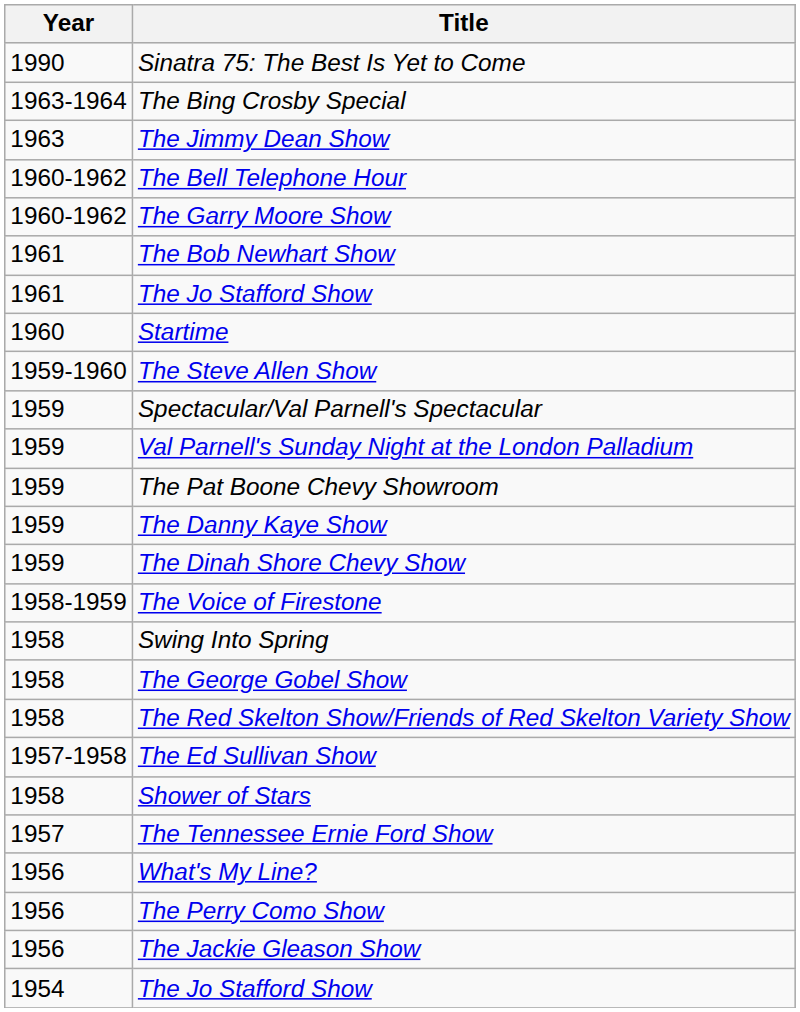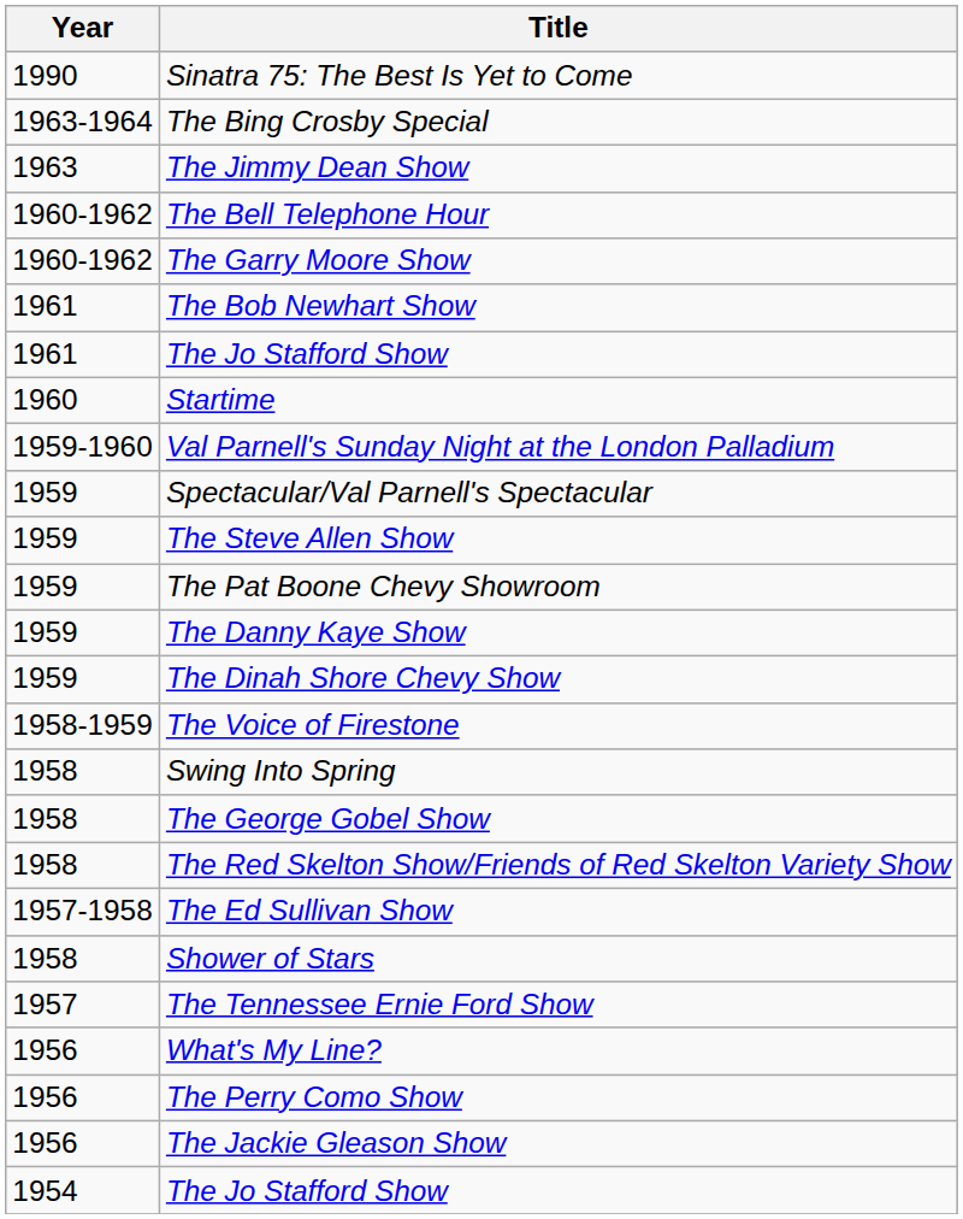 <table class="wikitable">
 <tr>
 <th>Year</th>
 <th>Title</th>
 </tr>
 <tr>
 <td>1990</td>
 <td><em>Sinatra 75: The Best Is Yet to Come</em></td>
 </tr>
 <tr>
 <td>1963-1964</td>
 <td><em>The Bing Crosby Special</em></td>
 </tr>
 <tr>
 <td>1963</td>
 <td><em><a href='#'>The Jimmy Dean Show</a></em></td>
 </tr>
 <tr>
 <td>1960-1962</td>
 <td><em><a href='#'>The Bell Telephone Hour</a></em></td>
 </tr>
 <tr>
 <td>1960-1962</td>
 <td><em><a href='#'>The Garry Moore Show</a></em></td>
 </tr>
 <tr>
 <td>1961</td>
 <td><em><a href='#'>The Bob Newhart Show</a></em></td>
 </tr>
 <tr>
 <td>1961</td>
 <td><em><a href='#'>The Jo Stafford Show</a></em></td>
 </tr>
 <tr>
 <td>1960</td>
 <td><em><a href='#'>Startime</a></em></td>
 </tr>
 <tr>
 <td>1959-1960</td>
-<td><em><a href='#'>The Steve Allen Show</a></em></td>
+<td><em><a href='#'>Val Parnell's Sunday Night at the London Palladium</a></em></td>
 </tr>
 <tr>
 <td>1959</td>
 <td><em>Spectacular/Val Parnell's Spectacular</em></td>
 </tr>
 <tr>
 <td>1959</td>
-<td><em><a href='#'>Val Parnell's Sunday Night at the London Palladium</a></em></td>
+<td><em><a href='#'>The Steve Allen Show</a></em></td>
 </tr>
 <tr>
 <td>1959</td>
 <td><em>The Pat Boone Chevy Showroom</em></td>
 </tr>
 <tr>
 <td>1959</td>
 <td><em><a href='#'>The Danny Kaye Show</a></em></td>
 </tr>
 <tr>
 <td>1959</td>
 <td><em><a href='#'>The Dinah Shore Chevy Show</a></em></td>
 </tr>
 <tr>
 <td>1958-1959</td>
 <td><em><a href='#'>The Voice of Firestone</a></em></td>
 </tr>
 <tr>
 <td>1958</td>
 <td><em>Swing Into Spring</em></td>
 </tr>
 <tr>
 <td>1958</td>
 <td><em><a href='#'>The George Gobel Show</a></em></td>
 </tr>
 <tr>
 <td>1958</td>
 <td><em><a href='#'>The Red Skelton Show/Friends of Red Skelton Variety Show</a></em></td>
 </tr>
 <tr>
 <td>1957-1958</td>
 <td><em><a href='#'>The Ed Sullivan Show</a></em></td>
 </tr>
 <tr>
 <td>1958</td>
 <td><em><a href='#'>Shower of Stars</a></em></td>
 </tr>
 <tr>
 <td>1957</td>
 <td><em><a href='#'>The Tennessee Ernie Ford Show</a></em></td>
 </tr>
 <tr>
 <td>1956</td>
 <td><em><a href='#'>What's My Line?</a></em></td>
 </tr>
 <tr>
 <td>1956</td>
 <td><em><a href='#'>The Perry Como Show</a></em></td>
 </tr>
 <tr>
 <td>1956</td>
 <td><em><a href='#'>The Jackie Gleason Show</a></em></td>
 </tr>
 <tr>
 <td>1954</td>
 <td><em><a href='#'>The Jo Stafford Show</a></em></td>
 </tr>
 </table>
